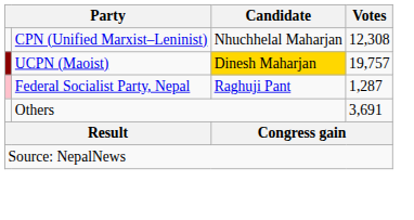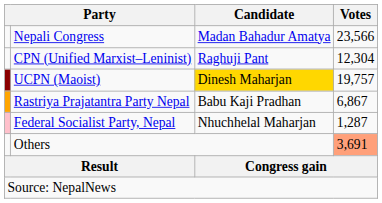 <table class="wikitable">
 <tr>
 <th colspan="2">Party</th>
 <th>Candidate</th>
 <th>Votes</th>
 </tr>
 <tr>
 <td style="background-color:"></td>
+<td><a href='#'>Nepali Congress</a></td>
+<td><a href='#'>Madan Bahadur Amatya</a></td>
+<td>23,566</td>
+</tr>
+<tr>
+<td style="background-color:"></td>
 <td><a href='#'>CPN (Unified Marxist–Leninist)</a></td>
-<td>Nhuchhelal Maharjan</td>
-<td>12,308</td>
+<td><a href='#'>Raghuji Pant</a></td>
+<td>12,304</td>
 </tr>
 <tr>
 <td style="background-color:darkred"></td>
 <td><a href='#'>UCPN (Maoist)</a></td>
 <td style="background: gold;">Dinesh Maharjan</td>
 <td>19,757</td>
 </tr>
 <tr>
+<td style="background-color:orange"></td>
+<td><a href='#'>Rastriya Prajatantra Party Nepal</a></td>
+<td>Babu Kaji Pradhan</td>
+<td>6,867</td>
+</tr>
+<tr>
 <td style="background-color:pink"></td>
 <td><a href='#'>Federal Socialist Party, Nepal</a></td>
-<td><a href='#'>Raghuji Pant</a></td>
+<td>Nhuchhelal Maharjan</td>
 <td>1,287</td>
 </tr>
 <tr>
 <td></td>
 <td colspan="2">Others</td>
-<td>3,691</td>
+<td style="background: lightsalmon;">3,691</td>
 </tr>
 <tr>
 <th colspan="2">Result</th>
 <th colspan="2">Congress gain</th>
 </tr>
 <tr>
 <td colspan="4">Source: NepalNews</td>
 </tr>
 </table>
